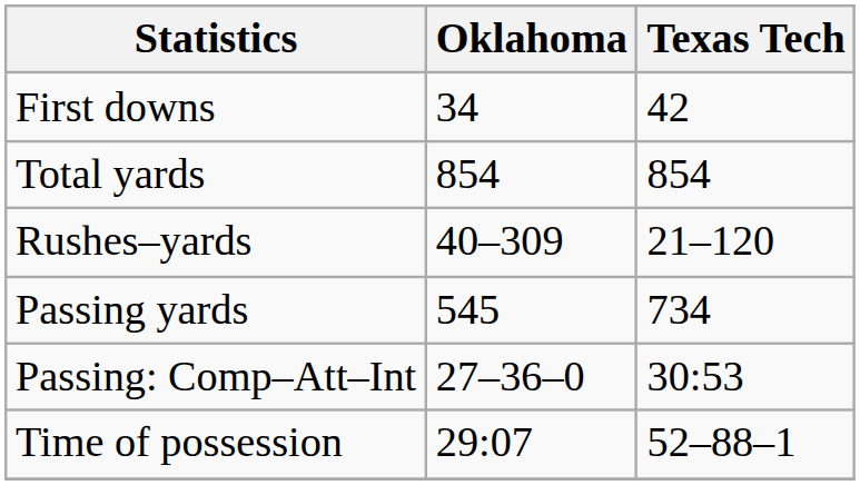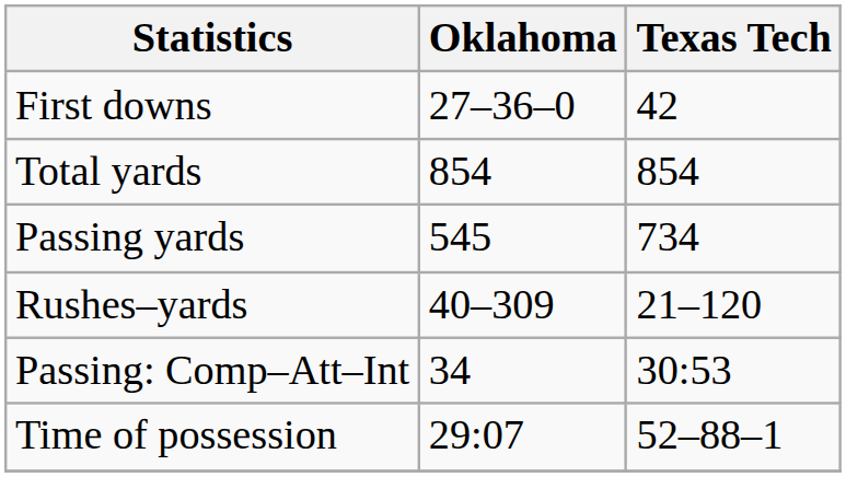 <table class="wikitable">
 <tr>
 <th>Statistics</th>
 <th>Oklahoma</th>
 <th>Texas Tech</th>
 </tr>
 <tr>
 <td>First downs</td>
-<td>34</td>
+<td>27–36–0</td>
 <td>42</td>
 </tr>
 <tr>
 <td>Total yards</td>
 <td>854</td>
 <td>854</td>
 </tr>
 <tr>
+<td>Passing yards</td>
+<td>545</td>
+<td>734</td>
+</tr>
+<tr>
 <td>Rushes–yards</td>
 <td>40–309</td>
 <td>21–120</td>
 </tr>
 <tr>
-<td>Passing yards</td>
-<td>545</td>
-<td>734</td>
-</tr>
-<tr>
 <td>Passing: Comp–Att–Int</td>
-<td>27–36–0</td>
+<td>34</td>
 <td>30:53</td>
 </tr>
 <tr>
 <td>Time of possession</td>
 <td>29:07</td>
 <td>52–88–1</td>
 </tr>
 <tr>
 </tr>
 </table>
